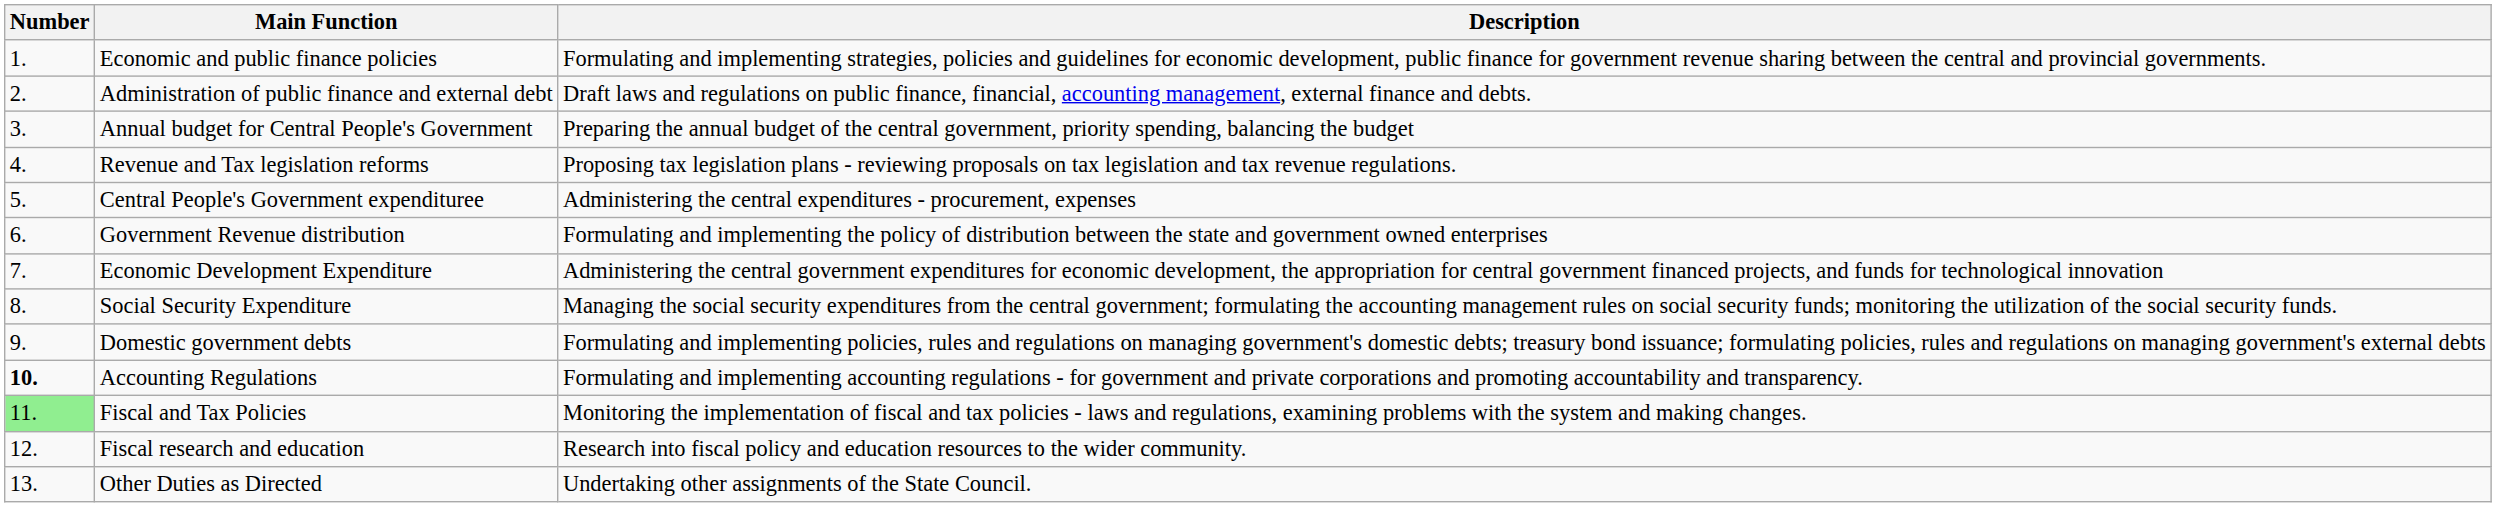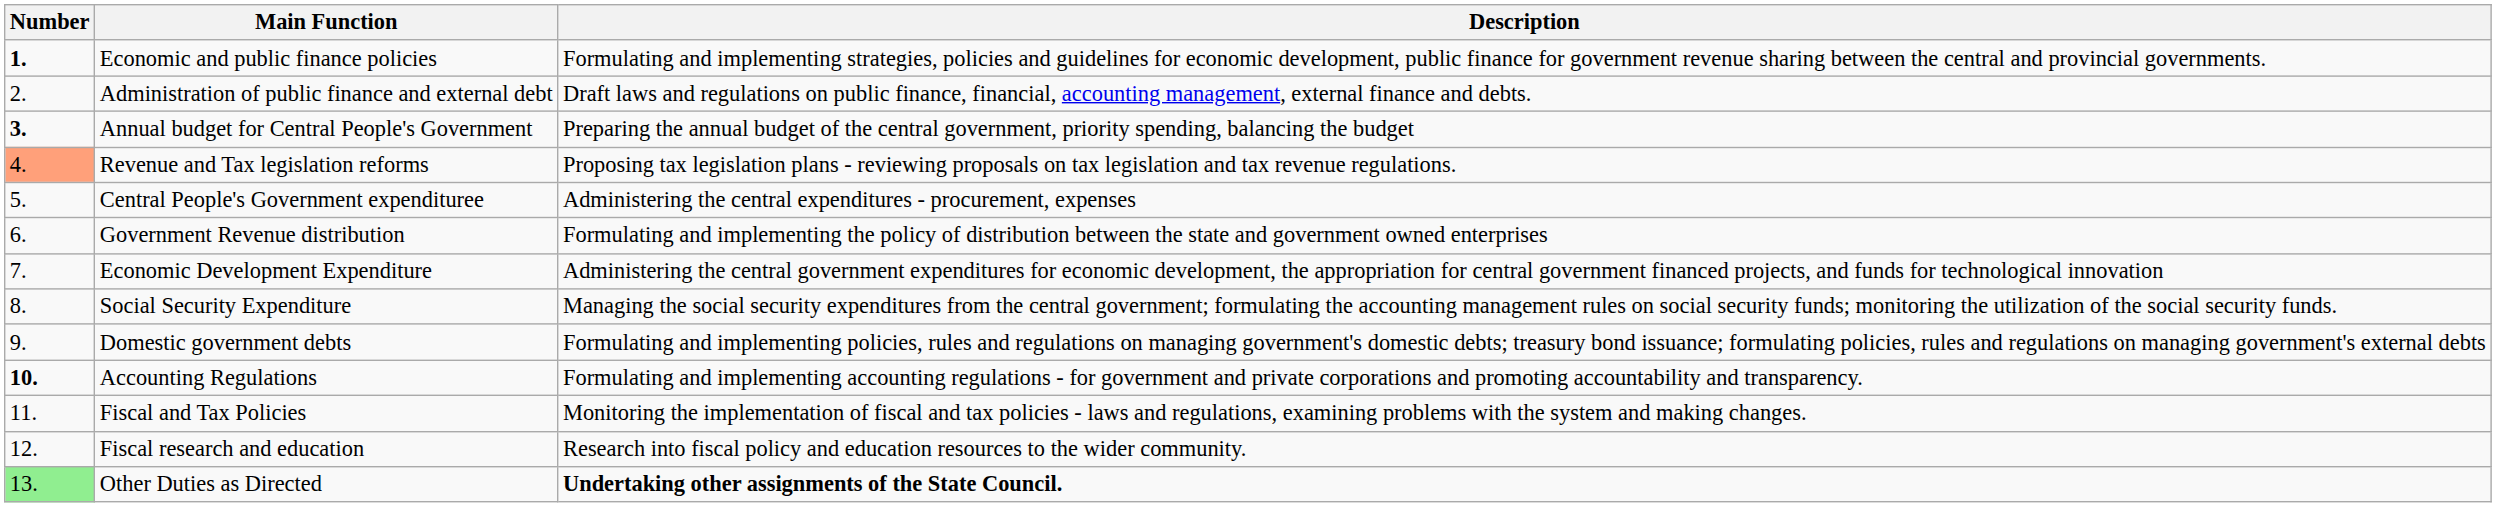 <table class="wikitable">
 <tr>
 <th>Number</th>
 <th>Main Function</th>
 <th>Description</th>
 </tr>
 <tr>
-<td>1.</td>
+<td><strong>1.</strong></td>
 <td>Economic and public finance policies</td>
 <td>Formulating and implementing strategies, policies and guidelines for economic development, public finance for government revenue sharing between the central and provincial governments.</td>
 </tr>
 <tr>
 <td>2.</td>
 <td>Administration of public finance and external debt</td>
 <td>Draft laws and regulations on public finance, financial, <a href='#'>accounting management</a>, external finance and debts.</td>
 </tr>
 <tr>
-<td>3.</td>
+<td><strong>3.</strong></td>
 <td>Annual budget for Central People's Government</td>
 <td>Preparing the annual budget of the central government, priority spending, balancing the budget</td>
 </tr>
 <tr>
-<td>4.</td>
+<td style="background: lightsalmon;">4.</td>
 <td>Revenue and Tax legislation reforms</td>
 <td>Proposing tax legislation plans - reviewing proposals on tax legislation and tax revenue regulations.</td>
 </tr>
 <tr>
 <td>5.</td>
 <td>Central People's Government expendituree</td>
 <td>Administering the central expenditures - procurement, expenses</td>
 </tr>
 <tr>
 <td>6.</td>
 <td>Government Revenue distribution</td>
 <td>Formulating and implementing the policy of distribution between the state and government owned enterprises</td>
 </tr>
 <tr>
 <td>7.</td>
 <td>Economic Development Expenditure</td>
 <td>Administering the central government expenditures for economic development, the appropriation for central government financed projects, and funds for technological innovation</td>
 </tr>
 <tr>
 <td>8.</td>
 <td>Social Security Expenditure</td>
 <td>Managing the social security expenditures from the central government; formulating the accounting management rules on social security funds; monitoring the utilization of the social security funds.</td>
 </tr>
 <tr>
 <td>9.</td>
 <td>Domestic government debts</td>
 <td>Formulating and implementing policies, rules and regulations on managing government's domestic debts; treasury bond issuance; formulating policies, rules and regulations on managing government's external debts</td>
 </tr>
 <tr>
 <td><strong>10.</strong></td>
 <td>Accounting Regulations</td>
 <td>Formulating and implementing accounting regulations - for government and private corporations and promoting accountability and transparency.</td>
 </tr>
 <tr>
-<td style="background: lightgreen;">11.</td>
+<td>11.</td>
 <td>Fiscal and Tax Policies</td>
 <td>Monitoring the implementation of fiscal and tax policies - laws and regulations, examining problems with the system and making changes.</td>
 </tr>
 <tr>
 <td>12.</td>
 <td>Fiscal research and education</td>
 <td>Research into fiscal policy and education resources to the wider community.</td>
 </tr>
 <tr>
-<td>13.</td>
+<td style="background: lightgreen;">13.</td>
 <td>Other Duties as Directed</td>
-<td>Undertaking other assignments of the State Council.</td>
+<td><strong>Undertaking other assignments of the State Council.</strong></td>
 </tr>
 </table>
